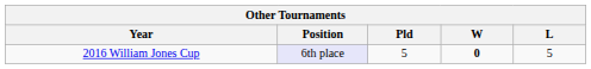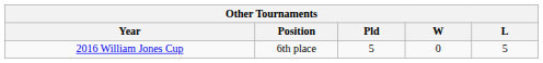 <table class="wikitable collapsible autocollapse" width=80% style="text-align: center;font-size:90%;">
 <tr>
 <th colspan=9>Other Tournaments</th>
 </tr>
 <tr>
 <th width=30%>Year</th>
 <th width=10%>Position</th>
 <th width=8%>Pld</th>
 <th width=8%>W</th>
 <th width=8%>L</th>
 </tr>
 <tr>
 <td> <a href='#'>2016 William Jones Cup</a></td>
-<td style="background: lavender;">6th place</td>
+<td>6th place</td>
 <td>5</td>
-<td><strong>0</strong></td>
+<td>0</td>
 <td>5</td>
 </tr>
 </table>
